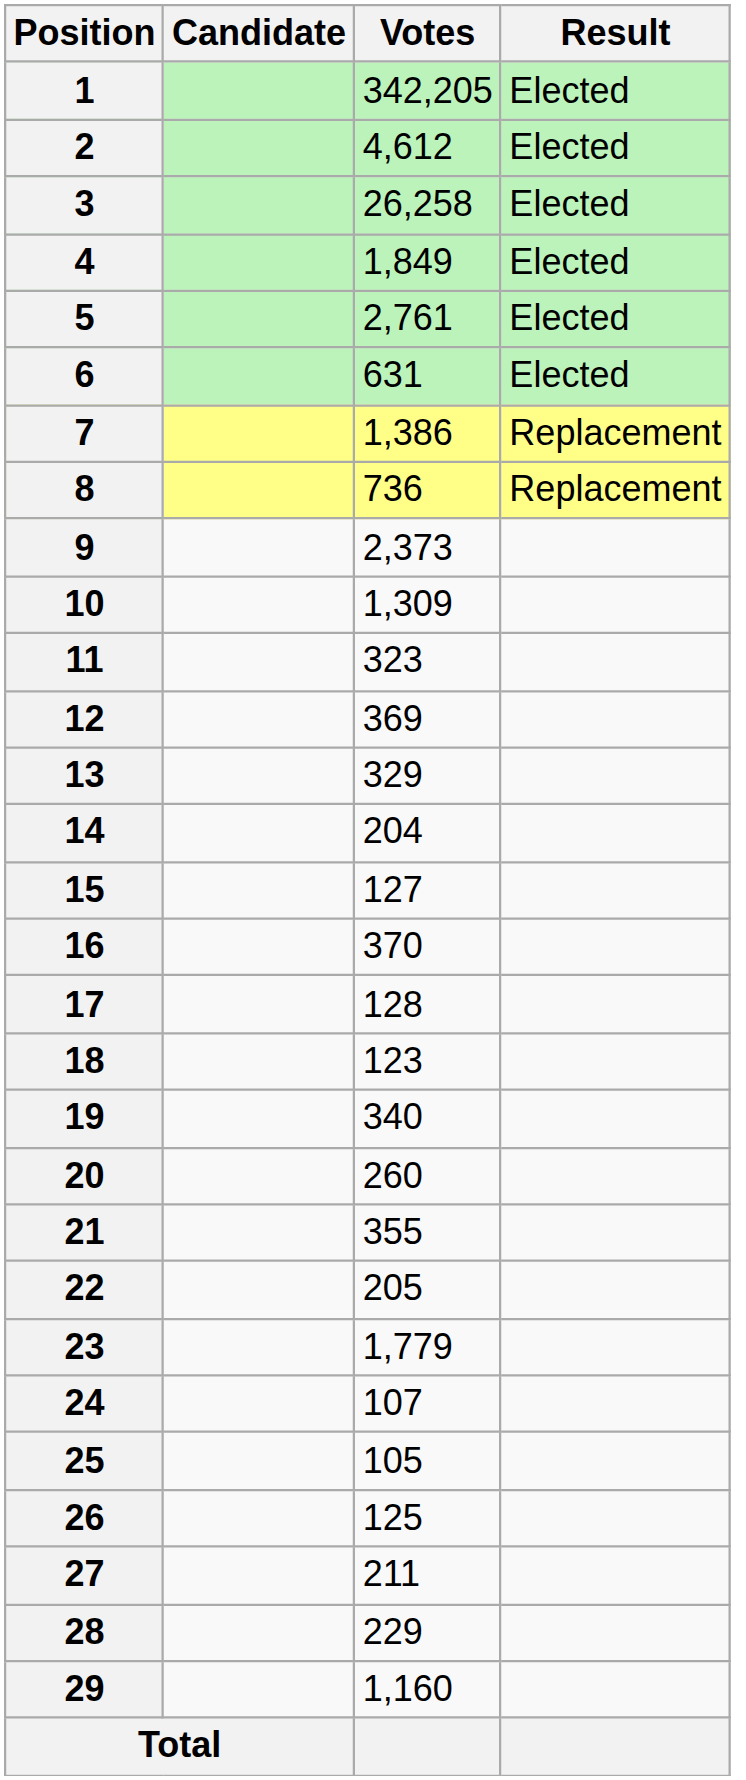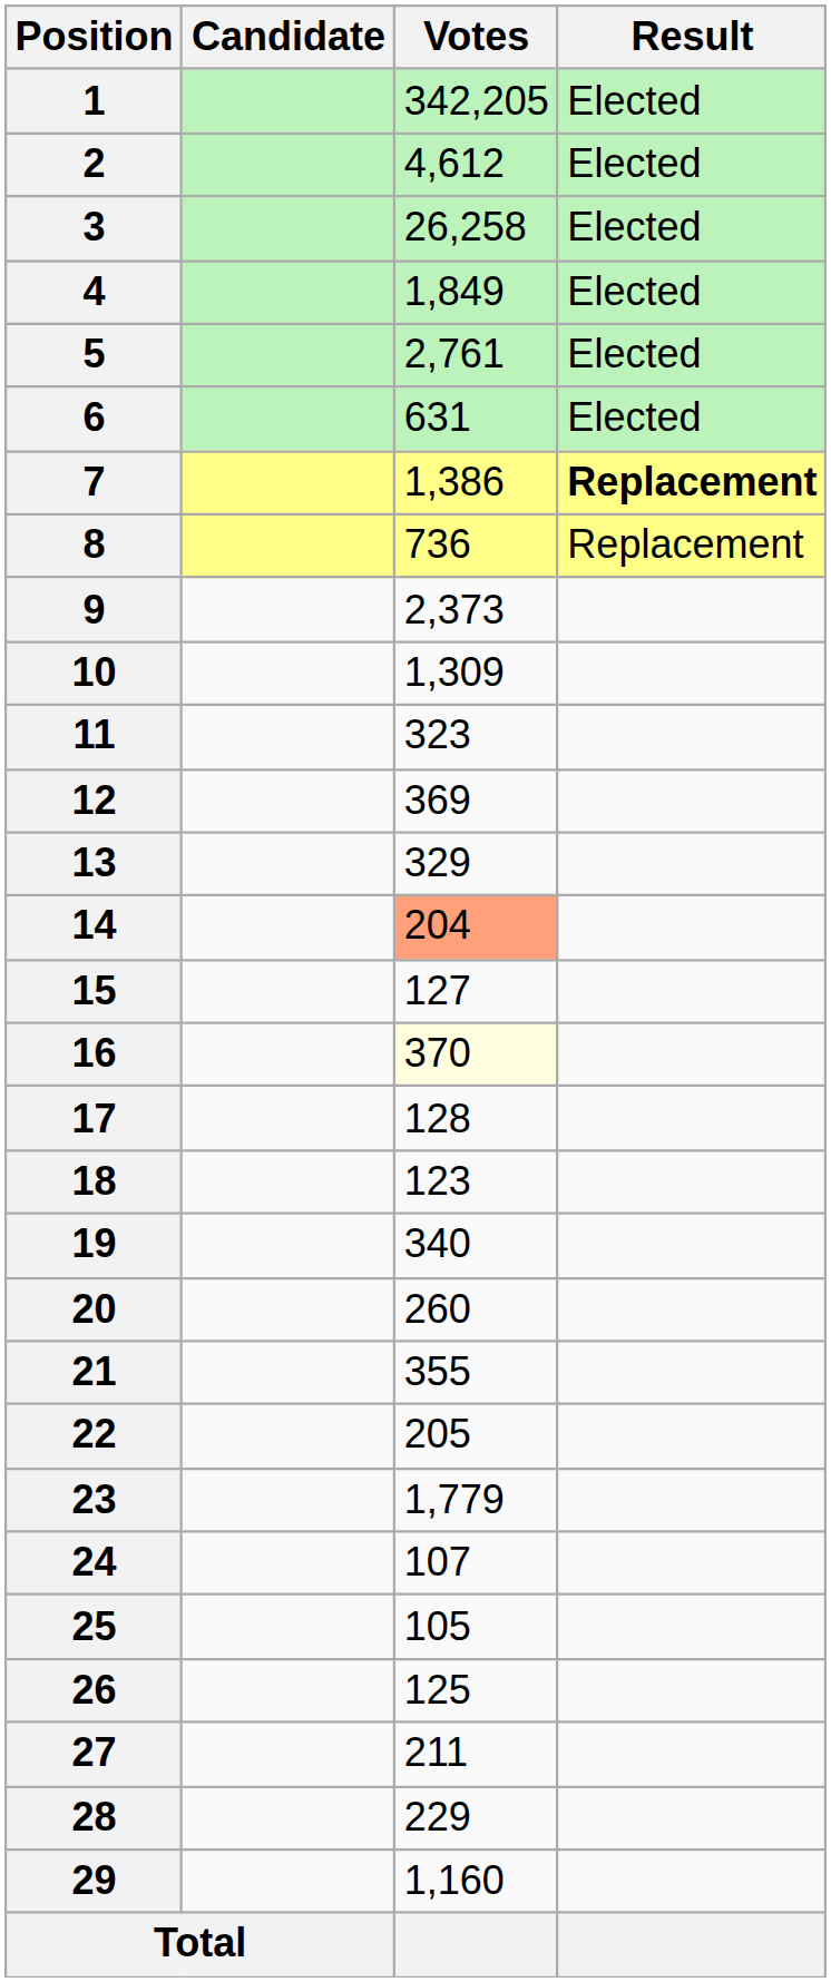 <table class="wikitable sortable col3right">
 <tr>
 <th scope="col">Position</th>
 <th scope="col">Candidate</th>
 <th scope="col">Votes</th>
 <th scope="col">Result</th>
 </tr>
 <tr bgcolor=bbf3bb>
 <th scope="row">1</th>
 <td></td>
 <td>342,205</td>
 <td>Elected</td>
 </tr>
 <tr bgcolor=bbf3bb>
 <th scope="row">2</th>
 <td></td>
 <td>4,612</td>
 <td>Elected</td>
 </tr>
 <tr bgcolor=bbf3bb>
 <th scope="row">3</th>
 <td></td>
 <td>26,258</td>
 <td>Elected</td>
 </tr>
 <tr bgcolor=bbf3bb>
 <th scope="row">4</th>
 <td></td>
 <td>1,849</td>
 <td>Elected</td>
 </tr>
 <tr bgcolor=bbf3bb>
 <th scope="row">5</th>
 <td></td>
 <td>2,761</td>
 <td>Elected</td>
 </tr>
 <tr bgcolor=bbf3bb>
 <th scope="row">6</th>
 <td></td>
 <td>631</td>
 <td>Elected</td>
 </tr>
 <tr bgcolor=#FF8>
 <th scope="row">7</th>
 <td></td>
 <td>1,386</td>
-<td>Replacement</td>
+<td><strong>Replacement</strong></td>
 </tr>
 <tr bgcolor=#FF8>
 <th scope="row">8</th>
 <td></td>
 <td>736</td>
 <td>Replacement</td>
 </tr>
 <tr>
 <th scope="row">9</th>
 <td></td>
 <td>2,373</td>
 <td></td>
 </tr>
 <tr>
 <th scope="row">10</th>
 <td></td>
 <td>1,309</td>
 <td></td>
 </tr>
 <tr>
 <th scope="row">11</th>
 <td></td>
 <td>323</td>
 <td></td>
 </tr>
 <tr>
 <th scope="row">12</th>
 <td></td>
 <td>369</td>
 <td></td>
 </tr>
 <tr>
 <th scope="row">13</th>
 <td></td>
 <td>329</td>
 <td></td>
 </tr>
 <tr>
 <th scope="row">14</th>
 <td></td>
-<td>204</td>
+<td style="background: lightsalmon;">204</td>
 <td></td>
 </tr>
 <tr>
 <th scope="row">15</th>
 <td></td>
 <td>127</td>
 <td></td>
 </tr>
 <tr>
 <th scope="row">16</th>
 <td></td>
-<td>370</td>
+<td style="background: lightyellow;">370</td>
 <td></td>
 </tr>
 <tr>
 <th scope="row">17</th>
 <td></td>
 <td>128</td>
 <td></td>
 </tr>
 <tr>
 <th scope="row">18</th>
 <td></td>
 <td>123</td>
 <td></td>
 </tr>
 <tr>
 <th scope="row">19</th>
 <td></td>
 <td>340</td>
 <td></td>
 </tr>
 <tr>
 <th scope="row">20</th>
 <td></td>
 <td>260</td>
 <td></td>
 </tr>
 <tr>
 <th scope="row">21</th>
 <td></td>
 <td>355</td>
 <td></td>
 </tr>
 <tr>
 <th scope="row">22</th>
 <td></td>
 <td>205</td>
 <td></td>
 </tr>
 <tr>
 <th scope="row">23</th>
 <td></td>
 <td>1,779</td>
 <td></td>
 </tr>
 <tr>
 <th scope="row">24</th>
 <td></td>
 <td>107</td>
 <td></td>
 </tr>
 <tr>
 <th scope="row">25</th>
 <td></td>
 <td>105</td>
 <td></td>
 </tr>
 <tr>
 <th scope="row">26</th>
 <td></td>
 <td>125</td>
 <td></td>
 </tr>
 <tr>
 <th scope="row">27</th>
 <td></td>
 <td>211</td>
 <td></td>
 </tr>
 <tr>
 <th scope="row">28</th>
 <td></td>
 <td>229</td>
 <td></td>
 </tr>
 <tr>
 <th scope="row">29</th>
 <td></td>
 <td>1,160</td>
 <td></td>
 </tr>
 <tr class="sortbottom">
 <th scope="row" colspan="2">Total</th>
 <th></th>
 <th></th>
 </tr>
 </table>
